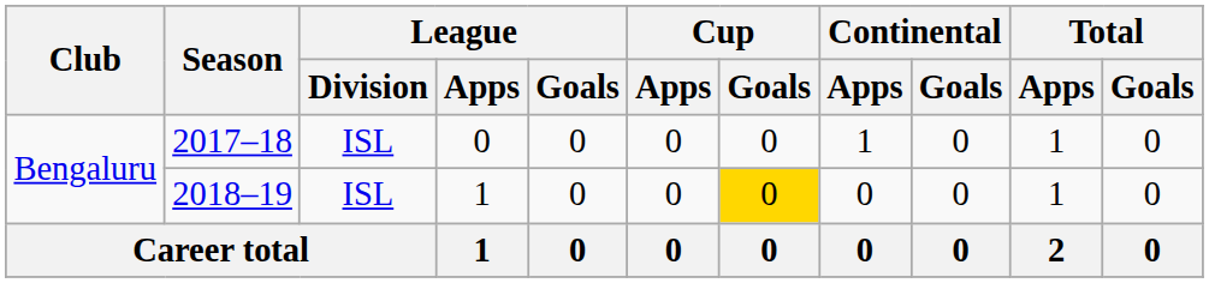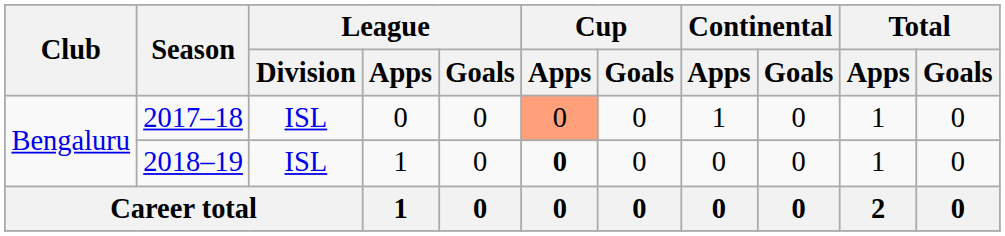 <table class="wikitable" style="text-align: center;">
 <tr>
 <th rowspan="2">Club</th>
 <th rowspan="2">Season</th>
 <th colspan="3">League</th>
 <th colspan="2">Cup</th>
 <th colspan="2">Continental</th>
 <th colspan="2">Total</th>
 </tr>
 <tr>
 <th>Division</th>
 <th>Apps</th>
 <th>Goals</th>
 <th>Apps</th>
 <th>Goals</th>
 <th>Apps</th>
 <th>Goals</th>
 <th>Apps</th>
 <th>Goals</th>
 </tr>
 <tr>
 <td rowspan="2"><a href='#'>Bengaluru</a></td>
 <td><a href='#'>2017–18</a></td>
 <td><a href='#'>ISL</a></td>
 <td>0</td>
 <td>0</td>
-<td>0</td>
+<td style="background: lightsalmon;">0</td>
 <td>0</td>
 <td>1</td>
 <td>0</td>
 <td>1</td>
 <td>0</td>
 </tr>
 <tr>
 <td><a href='#'>2018–19</a></td>
 <td><a href='#'>ISL</a></td>
 <td>1</td>
 <td>0</td>
+<td><strong>0</strong></td>
 <td>0</td>
-<td style="background: gold;">0</td>
 <td>0</td>
 <td>0</td>
 <td>1</td>
 <td>0</td>
 </tr>
 <tr>
 <th colspan="3">Career total</th>
 <th>1</th>
 <th>0</th>
 <th>0</th>
 <th>0</th>
 <th>0</th>
 <th>0</th>
 <th>2</th>
 <th>0</th>
 </tr>
 </table>
